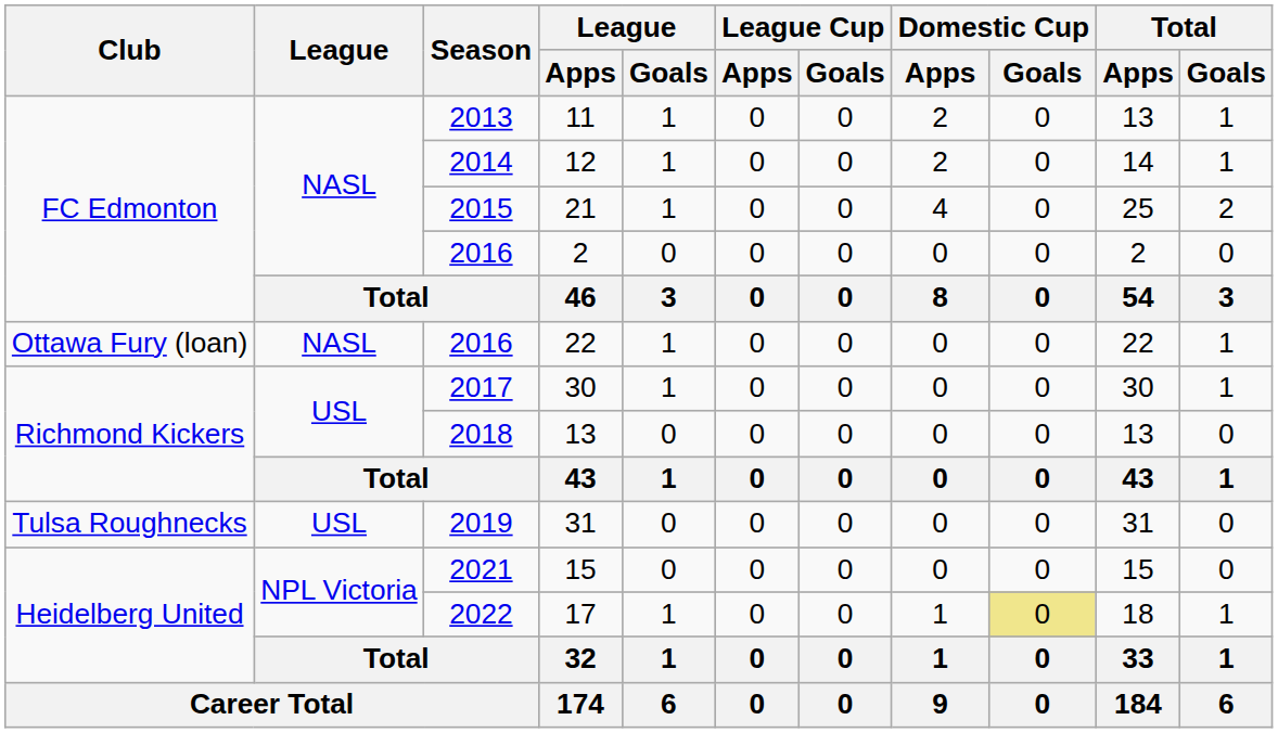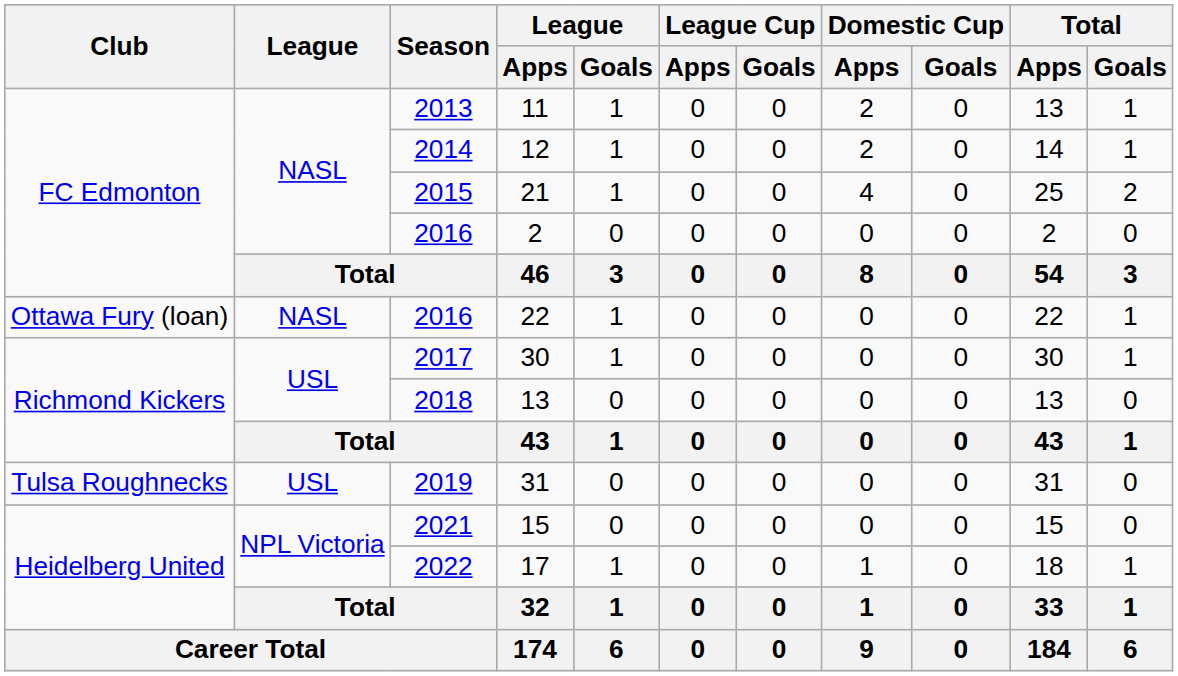 <table class="wikitable" style="text-align: center;">
 <tr>
 <th rowspan="2">Club</th>
 <th rowspan="2">League</th>
 <th rowspan="2">Season</th>
 <th colspan="2">League</th>
 <th colspan="2">League Cup</th>
 <th colspan="2">Domestic Cup</th>
 <th colspan="2">Total</th>
 </tr>
 <tr>
 <th>Apps</th>
 <th>Goals</th>
 <th>Apps</th>
 <th>Goals</th>
 <th>Apps</th>
 <th>Goals</th>
 <th>Apps</th>
 <th>Goals</th>
 </tr>
 <tr>
 <td rowspan="5"><a href='#'>FC Edmonton</a></td>
 <td rowspan="4"><a href='#'>NASL</a></td>
 <td><a href='#'>2013</a></td>
 <td>11</td>
 <td>1</td>
 <td>0</td>
 <td>0</td>
 <td>2</td>
 <td>0</td>
 <td>13</td>
 <td>1</td>
 </tr>
 <tr>
 <td><a href='#'>2014</a></td>
 <td>12</td>
 <td>1</td>
 <td>0</td>
 <td>0</td>
 <td>2</td>
 <td>0</td>
 <td>14</td>
 <td>1</td>
 </tr>
 <tr>
 <td><a href='#'>2015</a></td>
 <td>21</td>
 <td>1</td>
 <td>0</td>
 <td>0</td>
 <td>4</td>
 <td>0</td>
 <td>25</td>
 <td>2</td>
 </tr>
 <tr>
 <td><a href='#'>2016</a></td>
 <td>2</td>
 <td>0</td>
 <td>0</td>
 <td>0</td>
 <td>0</td>
 <td>0</td>
 <td>2</td>
 <td>0</td>
 </tr>
 <tr>
 <th colspan="2">Total</th>
 <th>46</th>
 <th>3</th>
 <th>0</th>
 <th>0</th>
 <th>8</th>
 <th>0</th>
 <th>54</th>
 <th>3</th>
 </tr>
 <tr>
 <td><a href='#'>Ottawa Fury</a> (loan)</td>
 <td><a href='#'>NASL</a></td>
 <td><a href='#'>2016</a></td>
 <td>22</td>
 <td>1</td>
 <td>0</td>
 <td>0</td>
 <td>0</td>
 <td>0</td>
 <td>22</td>
 <td>1</td>
 </tr>
 <tr>
 <td rowspan="3"><a href='#'>Richmond Kickers</a></td>
 <td rowspan="2"><a href='#'>USL</a></td>
 <td><a href='#'>2017</a></td>
 <td>30</td>
 <td>1</td>
 <td>0</td>
 <td>0</td>
 <td>0</td>
 <td>0</td>
 <td>30</td>
 <td>1</td>
 </tr>
 <tr>
 <td><a href='#'>2018</a></td>
 <td>13</td>
 <td>0</td>
 <td>0</td>
 <td>0</td>
 <td>0</td>
 <td>0</td>
 <td>13</td>
 <td>0</td>
 </tr>
 <tr>
 <th colspan="2">Total</th>
 <th>43</th>
 <th>1</th>
 <th>0</th>
 <th>0</th>
 <th>0</th>
 <th>0</th>
 <th>43</th>
 <th>1</th>
 </tr>
 <tr>
 <td><a href='#'>Tulsa Roughnecks</a></td>
 <td><a href='#'>USL</a></td>
 <td><a href='#'>2019</a></td>
 <td>31</td>
 <td>0</td>
 <td>0</td>
 <td>0</td>
 <td>0</td>
 <td>0</td>
 <td>31</td>
 <td>0</td>
 </tr>
 <tr>
 <td rowspan="3"><a href='#'>Heidelberg United</a></td>
 <td rowspan="2"><a href='#'>NPL Victoria</a></td>
 <td><a href='#'>2021</a></td>
 <td>15</td>
 <td>0</td>
 <td>0</td>
 <td>0</td>
 <td>0</td>
 <td>0</td>
 <td>15</td>
 <td>0</td>
 </tr>
 <tr>
 <td><a href='#'>2022</a></td>
 <td>17</td>
 <td>1</td>
 <td>0</td>
 <td>0</td>
 <td>1</td>
-<td style="background: khaki;">0</td>
+<td>0</td>
 <td>18</td>
 <td>1</td>
 </tr>
 <tr>
 <th colspan="2">Total</th>
 <th>32</th>
 <th>1</th>
 <th>0</th>
 <th>0</th>
 <th>1</th>
 <th>0</th>
 <th>33</th>
 <th>1</th>
 </tr>
 <tr>
 <th colspan="3">Career Total</th>
 <th>174</th>
 <th>6</th>
 <th>0</th>
 <th>0</th>
 <th>9</th>
 <th>0</th>
 <th>184</th>
 <th>6</th>
 </tr>
 </table>
